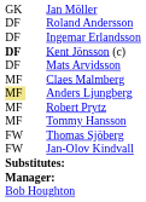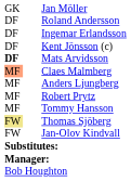 <table style="font-size:90%; margin:0.2em auto;" cellspacing="0" cellpadding="0">
 <tr>
 <th width="25"></th>
 <th width="25"></th>
 </tr>
 <tr>
 <td>GK</td>
 <td></td>
 <td> <a href='#'>Jan Möller</a></td>
 </tr>
 <tr>
 <td>DF</td>
 <td></td>
 <td> <a href='#'>Roland Andersson</a></td>
 </tr>
 <tr>
 <td>DF</td>
 <td></td>
 <td> <a href='#'>Ingemar Erlandsson</a></td>
 </tr>
 <tr>
-<td><strong>DF</strong></td>
+<td>DF</td>
 <td></td>
 <td> <a href='#'>Kent Jönsson</a> (c)</td>
 </tr>
 <tr>
-<td>DF</td>
+<td><strong>DF</strong></td>
 <td></td>
 <td> <a href='#'>Mats Arvidsson</a></td>
 </tr>
 <tr>
-<td>MF</td>
+<td style="background: lightsalmon;">MF</td>
 <td></td>
 <td> <a href='#'>Claes Malmberg</a></td>
 </tr>
 <tr>
-<td style="background: khaki;">MF</td>
+<td>MF</td>
 <td></td>
 <td> <a href='#'>Anders Ljungberg</a></td>
 </tr>
 <tr>
 <td>MF</td>
 <td></td>
 <td> <a href='#'>Robert Prytz</a></td>
 </tr>
 <tr>
 <td>MF</td>
 <td></td>
 <td> <a href='#'>Tommy Hansson</a></td>
 </tr>
 <tr>
-<td>FW</td>
+<td style="background: khaki;">FW</td>
 <td></td>
 <td> <a href='#'>Thomas Sjöberg</a></td>
 </tr>
 <tr>
 <td>FW</td>
 <td></td>
 <td> <a href='#'>Jan-Olov Kindvall</a></td>
 </tr>
 <tr>
 <td colspan=3><strong>Substitutes:</strong></td>
 </tr>
 <tr>
 <td colspan=3><strong>Manager:</strong></td>
 </tr>
 <tr>
 <td colspan=4> <a href='#'>Bob Houghton</a></td>
 </tr>
 </table>
